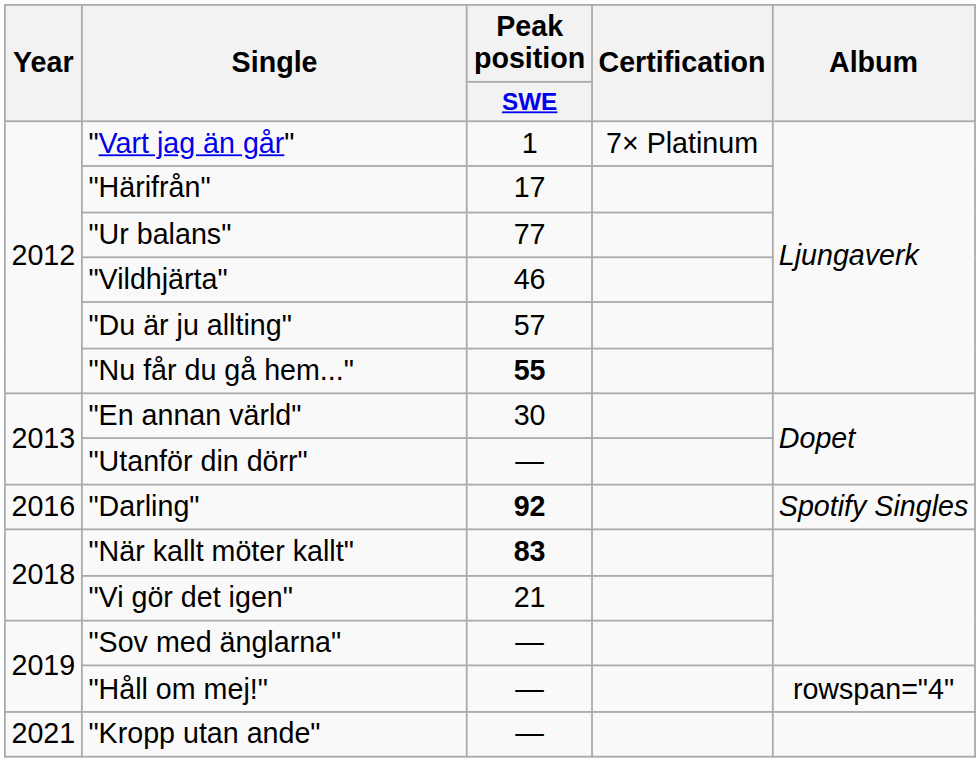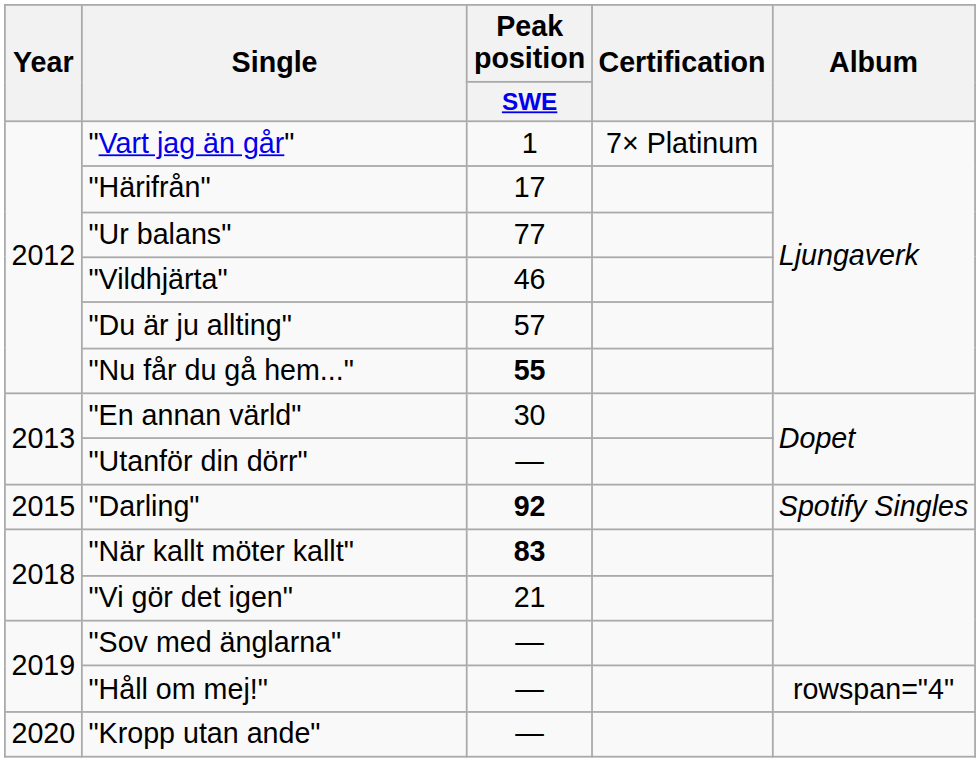 <table class="wikitable plainrowheaders" style="text-align:center;">
 <tr>
 <th scope="col" rowspan="2">Year</th>
 <th scope="col" rowspan="2" style="width:13em;">Single</th>
 <th scope="col">Peak position</th>
 <th scope="col" rowspan="2">Certification</th>
 <th scope="col" rowspan="2">Album</th>
 </tr>
 <tr>
 <th scope="col" style="width:3em;font-size:85%;"><a href='#'>SWE</a><br></th>
 </tr>
 <tr>
 <td rowspan="6">2012</td>
 <td style="text-align:left;">"<a href='#'>Vart jag än går</a>"</td>
 <td>1</td>
 <td>7× Platinum</td>
 <td style="text-align:left;" rowspan="6"><em>Ljungaverk</em></td>
 </tr>
 <tr>
 <td style="text-align:left;">"Härifrån"</td>
 <td>17</td>
 <td></td>
 </tr>
 <tr>
 <td style="text-align:left;">"Ur balans"</td>
 <td>77<br></td>
 <td></td>
 </tr>
 <tr>
 <td style="text-align:left;">"Vildhjärta"</td>
 <td>46</td>
 <td></td>
 </tr>
 <tr>
 <td style="text-align:left;">"Du är ju allting"</td>
 <td>57</td>
 <td></td>
 </tr>
 <tr>
 <td style="text-align:left;">"Nu får du gå hem..."</td>
 <td><strong>55</strong></td>
 <td></td>
 </tr>
 <tr>
 <td rowspan="2">2013</td>
 <td style="text-align:left;">"En annan värld"</td>
 <td>30</td>
 <td></td>
 <td style="text-align:left;" rowspan="2"><em>Dopet</em></td>
 </tr>
 <tr>
 <td style="text-align:left;">"Utanför din dörr"</td>
 <td>—</td>
 <td></td>
 </tr>
 <tr>
-<td>2016</td>
+<td>2015</td>
 <td style="text-align:left;">"Darling"</td>
 <td><strong>92</strong></td>
 <td></td>
 <td style="text-align:left;"><em>Spotify Singles</em></td>
 </tr>
 <tr>
 <td rowspan="2">2018</td>
 <td style="text-align:left;">"När kallt möter kallt"</td>
 <td><strong>83</strong></td>
 <td></td>
 </tr>
 <tr>
 <td style="text-align:left;">"Vi gör det igen"</td>
 <td>21</td>
 <td></td>
 </tr>
 <tr>
 <td rowspan="2">2019</td>
 <td style="text-align:left;">"Sov med änglarna"</td>
 <td>—</td>
 <td></td>
 </tr>
 <tr>
 <td style="text-align:left;">"Håll om mej!"<br></td>
 <td>—</td>
 <td></td>
 <td>rowspan="4" </td>
 </tr>
 <tr>
-<td>2021</td>
+<td>2020</td>
 <td style="text-align:left;">"Kropp utan ande"</td>
 <td>—</td>
 <td></td>
 <td></td>
 </tr>
 </table>
